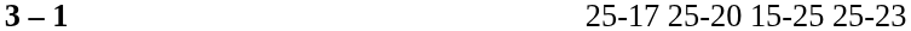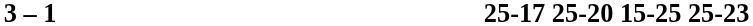 <table>
 <tr>
 <th width=200></th>
 <th width=80></th>
 <th width=200></th>
 <th width=220></th>
 </tr>
 <tr style=font-size:90%>
 <td align=right><strong></strong></td>
 <td align=center><strong>3 – 1</strong></td>
 <td></td>
-<td>25-17 25-20 15-25 25-23</td>
+<td><strong>25-17 25-20 15-25 25-23</strong></td>
 </tr>
 </table>
